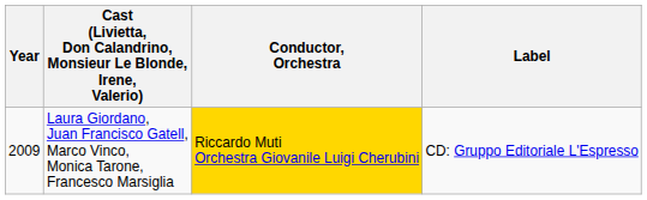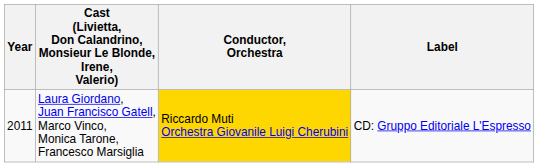 <table class="wikitable">
 <tr>
 <th>Year</th>
 <th>Cast<br>(Livietta,<br>Don Calandrino,<br>Monsieur Le Blonde,<br>Irene,<br>Valerio)</th>
 <th>Conductor,<br>Orchestra</th>
 <th>Label</th>
 </tr>
 <tr>
-<td>2009</td>
+<td>2011</td>
 <td><a href='#'>Laura Giordano</a>,<br><a href='#'>Juan Francisco Gatell</a>,<br>Marco Vinco,<br>Monica Tarone,<br>Francesco Marsiglia</td>
 <td style="background: gold;">Riccardo Muti<br><a href='#'>Orchestra Giovanile Luigi Cherubini</a></td>
 <td>CD: <a href='#'>Gruppo Editoriale L'Espresso</a></td>
 </tr>
 </table>
